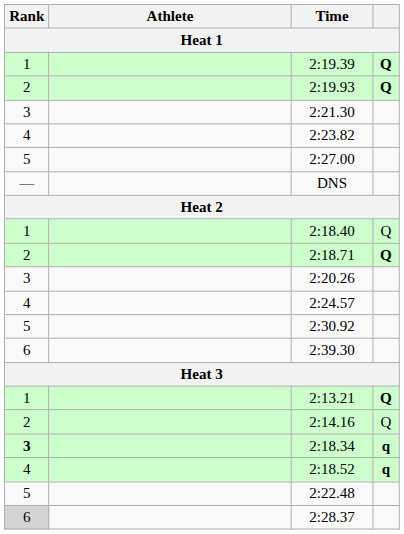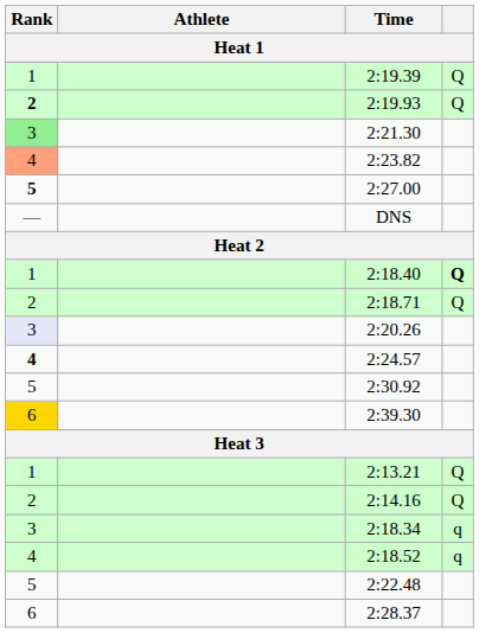 <table class=wikitable style="text-align:center">
 <tr>
 <th width=40>Rank</th>
 <th width=250>Athlete</th>
 <th width=80>Time</th>
 <th width=20></th>
 </tr>
 <tr>
 <th colspan=4>Heat 1</th>
 </tr>
 <tr bgcolor="ccffcc">
 <td>1</td>
 <td align=left></td>
 <td>2:19.39</td>
-<td><strong>Q</strong></td>
+<td>Q</td>
 </tr>
 <tr bgcolor="ccffcc">
-<td>2</td>
+<td><strong>2</strong></td>
 <td align=left></td>
 <td>2:19.93</td>
-<td><strong>Q</strong></td>
+<td>Q</td>
 </tr>
 <tr>
-<td>3</td>
+<td style="background: lightgreen;">3</td>
 <td align=left></td>
 <td>2:21.30</td>
 <td></td>
 </tr>
 <tr>
-<td>4</td>
+<td style="background: lightsalmon;">4</td>
 <td align=left></td>
 <td>2:23.82</td>
 <td></td>
 </tr>
 <tr>
-<td>5</td>
+<td><strong>5</strong></td>
 <td align=left></td>
 <td>2:27.00</td>
 <td></td>
 </tr>
 <tr>
 <td>—</td>
 <td align=left></td>
 <td>DNS</td>
 <td></td>
 </tr>
 <tr>
 <th colspan=4>Heat 2</th>
 </tr>
 <tr bgcolor="ccffcc">
 <td>1</td>
 <td align=left></td>
 <td>2:18.40</td>
-<td>Q</td>
+<td><strong>Q</strong></td>
 </tr>
 <tr bgcolor="ccffcc">
 <td>2</td>
 <td align=left></td>
 <td>2:18.71</td>
-<td><strong>Q</strong></td>
+<td>Q</td>
 </tr>
 <tr>
-<td>3</td>
+<td style="background: lavender;">3</td>
 <td align=left></td>
 <td>2:20.26</td>
 <td></td>
 </tr>
 <tr>
-<td>4</td>
+<td><strong>4</strong></td>
 <td align=left></td>
 <td>2:24.57</td>
 <td></td>
 </tr>
 <tr>
 <td>5</td>
 <td align=left></td>
 <td>2:30.92</td>
 <td></td>
 </tr>
 <tr>
-<td>6</td>
+<td style="background: gold;">6</td>
 <td align=left></td>
 <td>2:39.30</td>
 <td></td>
 </tr>
 <tr>
 <th colspan=4>Heat 3</th>
 </tr>
 <tr bgcolor="ccffcc">
 <td>1</td>
 <td align=left></td>
 <td>2:13.21</td>
-<td><strong>Q</strong></td>
+<td>Q</td>
 </tr>
 <tr bgcolor="ccffcc">
 <td>2</td>
 <td align=left></td>
 <td>2:14.16</td>
 <td>Q</td>
 </tr>
 <tr bgcolor="ccffcc">
-<td><strong>3</strong></td>
+<td>3</td>
 <td align=left></td>
 <td>2:18.34</td>
-<td><strong>q</strong></td>
+<td>q</td>
 </tr>
 <tr bgcolor="ccffcc">
 <td>4</td>
 <td align=left></td>
 <td>2:18.52</td>
-<td><strong>q</strong></td>
+<td>q</td>
 </tr>
 <tr>
 <td>5</td>
 <td align=left></td>
 <td>2:22.48</td>
 <td></td>
 </tr>
 <tr>
-<td style="background: lightgrey;">6</td>
+<td>6</td>
 <td align=left></td>
 <td>2:28.37</td>
 <td></td>
 </tr>
 </table>
